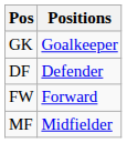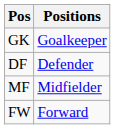 <table class="wikitable">
 <tr>
 <th>Pos</th>
 <th style="align: left">Positions</th>
 </tr>
 <tr>
 <td>GK</td>
 <td><a href='#'>Goalkeeper</a></td>
 </tr>
 <tr>
 <td>DF</td>
 <td><a href='#'>Defender</a></td>
 </tr>
 <tr>
+<td>MF</td>
+<td><a href='#'>Midfielder</a></td>
+</tr>
+<tr>
 <td>FW</td>
 <td><a href='#'>Forward</a></td>
 </tr>
-<tr>
-<td>MF</td>
-<td><a href='#'>Midfielder</a></td>
-</tr>
 </table>
